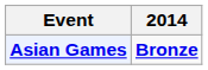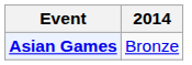 <table class="wikitable" style="font-size: 90%; text-align:center">
 <tr>
 <th>Event</th>
 <th>2014</th>
 </tr>
 <tr>
 <td bgcolor="#ECF2FF"; align="left"><strong><a href='#'>Asian Games</a></strong></td>
-<td><strong> <a href='#'>Bronze</a></strong></td>
+<td> <a href='#'>Bronze</a></td>
 </tr>
 </table>
